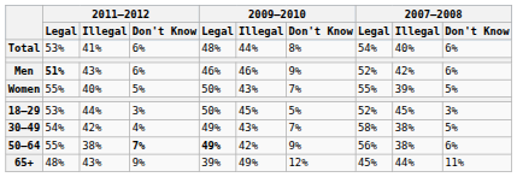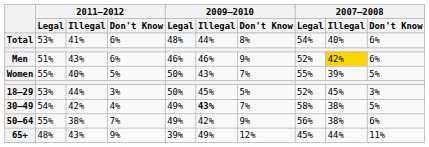 <table class="wikitable" style="margin:1em auto;">
 <tr style="background:#a0d0ff;">
 <th rowspan="2"></th>
 <th colspan="3">2011–2012</th>
 <th colspan="3">2009–2010</th>
 <th colspan="3">2007–2008</th>
 </tr>
 <tr style="background:#a0d0ff;">
 <th>Legal</th>
 <th>Illegal</th>
 <th>Don't Know</th>
 <th>Legal</th>
 <th>Illegal</th>
 <th>Don't Know</th>
 <th>Legal</th>
 <th>Illegal</th>
 <th>Don't Know</th>
 </tr>
 <tr>
 <th>Total</th>
 <td>53%</td>
 <td>41%</td>
 <td>6%</td>
 <td>48%</td>
 <td>44%</td>
 <td>8%</td>
 <td>54%</td>
 <td>40%</td>
 <td>6%</td>
 </tr>
 <tr>
 <th></th>
 <th colspan="3"></th>
 <th colspan="3"></th>
 <th colspan="3"></th>
 </tr>
 <tr>
 <th>Men</th>
-<td><strong>51%</strong></td>
+<td>51%</td>
 <td>43%</td>
 <td>6%</td>
 <td>46%</td>
 <td>46%</td>
 <td>9%</td>
 <td>52%</td>
-<td>42%</td>
+<td style="background: gold;">42%</td>
 <td>6%</td>
 </tr>
 <tr>
 <th>Women</th>
 <td>55%</td>
 <td>40%</td>
 <td>5%</td>
 <td>50%</td>
 <td>43%</td>
 <td>7%</td>
 <td>55%</td>
 <td>39%</td>
 <td>5%</td>
 </tr>
 <tr>
 <th></th>
 <th colspan="3"></th>
 <th colspan="3"></th>
 <th colspan="3"></th>
 </tr>
 <tr>
 <th>18–29</th>
 <td>53%</td>
 <td>44%</td>
 <td>3%</td>
 <td>50%</td>
 <td>45%</td>
 <td>5%</td>
 <td>52%</td>
 <td>45%</td>
 <td>3%</td>
 </tr>
 <tr>
 <th>30–49</th>
 <td>54%</td>
 <td>42%</td>
 <td>4%</td>
 <td>49%</td>
-<td>43%</td>
+<td><strong>43%</strong></td>
 <td>7%</td>
 <td>58%</td>
 <td>38%</td>
 <td>5%</td>
 </tr>
 <tr>
 <th>50–64</th>
 <td>55%</td>
 <td>38%</td>
-<td><strong>7%</strong></td>
-<td><strong>49%</strong></td>
+<td>7%</td>
+<td>49%</td>
 <td>42%</td>
 <td>9%</td>
 <td>56%</td>
 <td>38%</td>
 <td>6%</td>
 </tr>
 <tr>
 <th>65+</th>
 <td>48%</td>
 <td>43%</td>
 <td>9%</td>
 <td>39%</td>
 <td>49%</td>
 <td>12%</td>
 <td>45%</td>
 <td>44%</td>
 <td>11%</td>
 </tr>
 </table>
